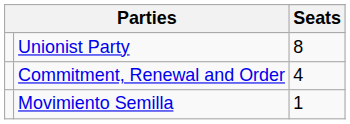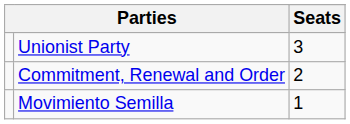 <table class="wikitable" style="text-align:left;">
 <tr>
 <th rowspan="2" colspan="2">Parties</th>
 </tr>
 <tr>
 <th>Seats</th>
 </tr>
 <tr>
 <td width="1"></td>
 <td><a href='#'>Unionist Party</a></td>
-<td>8</td>
+<td>3</td>
 </tr>
 <tr>
 <td></td>
 <td><a href='#'>Commitment, Renewal and Order</a></td>
-<td>4</td>
+<td>2</td>
 </tr>
 <tr>
 <td></td>
 <td><a href='#'>Movimiento Semilla</a></td>
 <td>1</td>
 </tr>
 </table>
